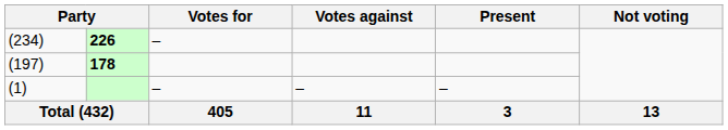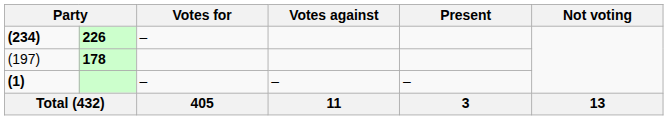 <table class="wikitable" style="width:60%;">
 <tr>
 <th colspan="2">Party</th>
 <th style="width:20%;">Votes for</th>
 <th style="width:20%;">Votes against</th>
 <th style="width:20%;">Present</th>
 <th style="width:20%;">Not voting</th>
 </tr>
 <tr>
-<td> (234)</td>
+<td><strong> (234)</strong></td>
 <td style="background-color:#cfc;"><strong>226</strong></td>
 <td>–</td>
 <td></td>
 <td></td>
 </tr>
 <tr>
 <td> (197)</td>
 <td style="background-color:#cfc;"><strong>178</strong></td>
 <td></td>
 <td></td>
 <td></td>
 </tr>
 <tr>
-<td> (1)</td>
+<td><strong> (1)</strong></td>
 <td style="background-color:#cfc;"></td>
 <td>–</td>
 <td>–</td>
 <td>–</td>
 </tr>
 <tr>
 <th colspan="2">Total (432)</th>
 <th>405</th>
 <th>11</th>
 <th>3</th>
 <th>13</th>
 </tr>
 </table>
